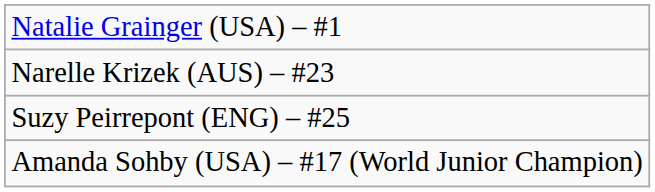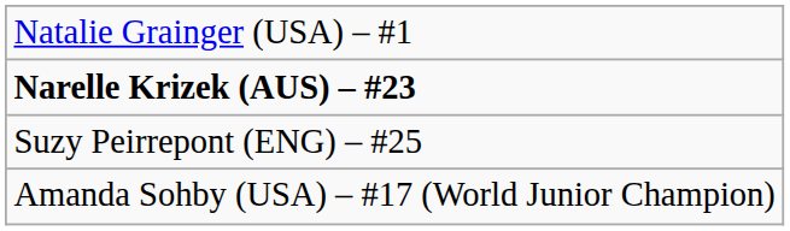 <table class="wikitable">
 <tr>
 <td><a href='#'>Natalie Grainger</a> (USA) – #1</td>
 </tr>
 <tr>
-<td>Narelle Krizek (AUS) – #23</td>
+<td><strong>Narelle Krizek (AUS) – #23</strong></td>
 </tr>
 <tr>
 <td>Suzy Peirrepont (ENG) – #25</td>
 </tr>
 <tr>
 <td>Amanda Sohby (USA) – #17 (World Junior Champion)</td>
 </tr>
 </table>
